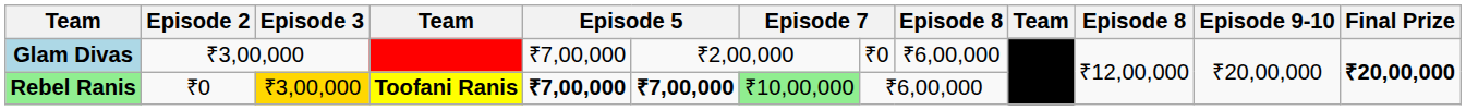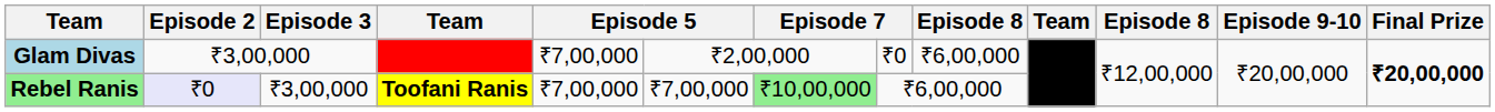 <table class="wikitable" style="text-align:center; font-size:90%; line-height:15px;">
 <tr>
 <th>Team</th>
 <th>Episode 2</th>
 <th>Episode 3</th>
 <th>Team</th>
 <th colspan="2">Episode 5</th>
 <th colspan="2">Episode 7</th>
 <th>Episode 8</th>
 <th>Team</th>
 <th>Episode 8</th>
 <th>Episode 9-10</th>
 <th>Final Prize</th>
 </tr>
 <tr>
 <td style="background:lightblue;"><strong>Glam Divas</strong></td>
 <td colspan="2">₹3,00,000</td>
 <td style="background:red;"><strong></strong></td>
 <td>₹7,00,000</td>
 <td colspan="2">₹2,00,000</td>
 <td>₹0</td>
 <td>₹6,00,000</td>
 <td rowspan="2" style="background:black;"><strong></strong></td>
 <td rowspan="2">₹12,00,000</td>
 <td rowspan="2">₹20,00,000</td>
 <td rowspan="2"><strong>₹20,00,000</strong></td>
 </tr>
 <tr>
 <td style="background:lightgreen;"><strong>Rebel Ranis</strong></td>
-<td>₹0</td>
-<td style="background: gold;">₹3,00,000</td>
+<td style="background: lavender;">₹0</td>
+<td>₹3,00,000</td>
 <td style="background:yellow;"><strong>Toofani Ranis</strong></td>
-<td><strong>₹7,00,000</strong></td>
-<td><strong>₹7,00,000</strong></td>
+<td>₹7,00,000</td>
+<td>₹7,00,000</td>
 <td style="background: lightgreen;">₹10,00,000</td>
 <td colspan="2">₹6,00,000</td>
 </tr>
 </table>
